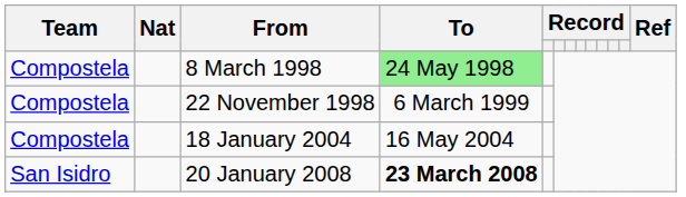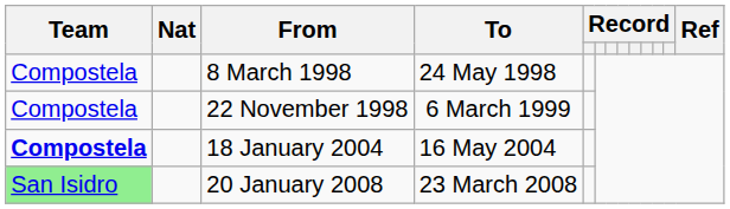 <table class="wikitable" style="text-align: center">
 <tr>
 <th rowspan="2">Team</th>
 <th rowspan="2">Nat</th>
 <th rowspan="2">From</th>
 <th rowspan="2">To</th>
 <th colspan="8">Record</th>
 <th rowspan="2">Ref</th>
 </tr>
 <tr>
 <th></th>
 <th></th>
 <th></th>
 <th></th>
 <th></th>
 <th></th>
 <th></th>
 <th></th>
 </tr>
 <tr>
 <td align="left"><a href='#'>Compostela</a></td>
 <td></td>
 <td align=left>8 March 1998</td>
-<td align=left style="background: lightgreen;">24 May 1998<br></td>
+<td align=left>24 May 1998<br></td>
 <td></td>
 </tr>
 <tr>
 <td align="left"><a href='#'>Compostela</a></td>
 <td></td>
 <td align=left>22 November 1998</td>
 <td align=elft>6 March 1999<br></td>
 <td></td>
 </tr>
 <tr>
-<td align="left"><a href='#'>Compostela</a></td>
+<td align="left"><strong><a href='#'>Compostela</a></strong></td>
 <td></td>
 <td align=left>18 January 2004</td>
 <td align=left>16 May 2004<br></td>
 <td></td>
 </tr>
 <tr>
-<td align="left"><a href='#'>San Isidro</a></td>
+<td align="left" style="background: lightgreen;"><a href='#'>San Isidro</a></td>
 <td></td>
 <td align=left>20 January 2008</td>
-<td align=left><strong>23 March 2008<br></strong></td>
+<td align=left>23 March 2008<br></td>
 <td></td>
 </tr>
 </table>
